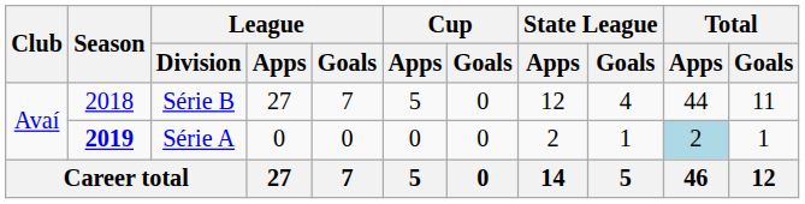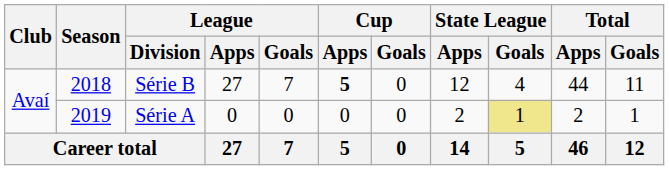 <table class="wikitable" style="text-align: center;">
 <tr>
 <th rowspan="2">Club</th>
 <th rowspan="2">Season</th>
 <th colspan="3">League</th>
 <th colspan="2">Cup</th>
 <th colspan="2">State League</th>
 <th colspan="2">Total</th>
 </tr>
 <tr>
 <th>Division</th>
 <th>Apps</th>
 <th>Goals</th>
 <th>Apps</th>
 <th>Goals</th>
 <th>Apps</th>
 <th>Goals</th>
 <th>Apps</th>
 <th>Goals</th>
 </tr>
 <tr>
 <td rowspan="2"><a href='#'>Avaí</a></td>
 <td><a href='#'>2018</a></td>
 <td><a href='#'>Série B</a></td>
 <td>27</td>
 <td>7</td>
-<td>5</td>
+<td><strong>5</strong></td>
 <td>0</td>
 <td>12</td>
 <td>4</td>
 <td>44</td>
 <td>11</td>
 </tr>
 <tr>
-<td><strong><a href='#'>2019</a></strong></td>
+<td><a href='#'>2019</a></td>
 <td><a href='#'>Série A</a></td>
 <td>0</td>
 <td>0</td>
 <td>0</td>
 <td>0</td>
 <td>2</td>
-<td>1</td>
-<td style="background: lightblue;">2</td>
+<td style="background: khaki;">1</td>
+<td>2</td>
 <td>1</td>
 </tr>
 <tr>
 <th colspan="3">Career total</th>
 <th>27</th>
 <th>7</th>
 <th>5</th>
 <th>0</th>
 <th>14</th>
 <th>5</th>
 <th>46</th>
 <th>12</th>
 </tr>
 </table>
